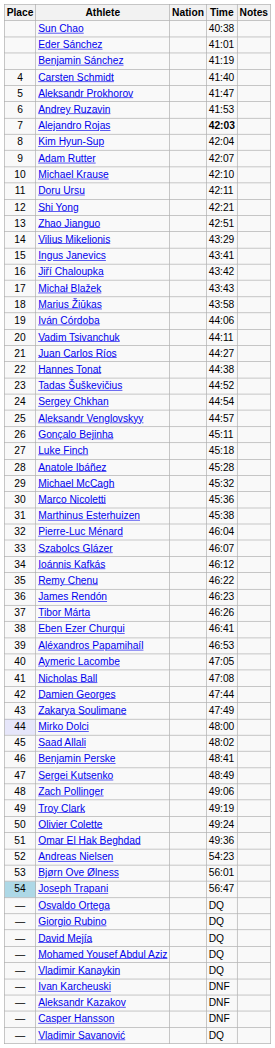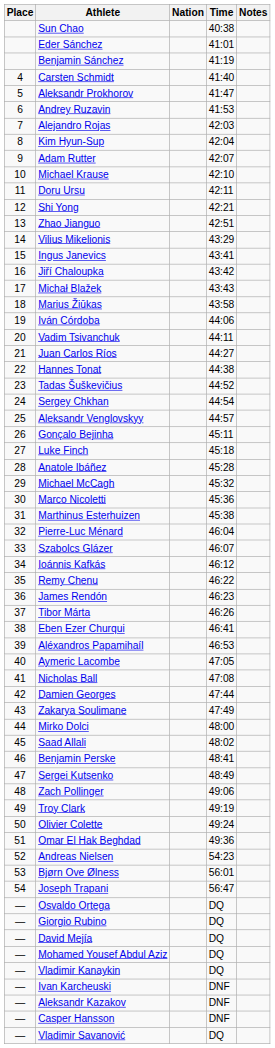 <table class=wikitable>
 <tr>
 <th>Place</th>
 <th>Athlete</th>
 <th>Nation</th>
 <th>Time</th>
 <th>Notes</th>
 </tr>
 <tr>
 <td align=center></td>
 <td><a href='#'>Sun Chao</a></td>
 <td></td>
 <td>40:38</td>
 <td></td>
 </tr>
 <tr>
 <td align=center></td>
 <td><a href='#'>Eder Sánchez</a></td>
 <td></td>
 <td>41:01</td>
 <td></td>
 </tr>
 <tr>
 <td align=center></td>
 <td><a href='#'>Benjamin Sánchez</a></td>
 <td></td>
 <td>41:19</td>
 <td></td>
 </tr>
 <tr>
 <td align=center>4</td>
 <td><a href='#'>Carsten Schmidt</a></td>
 <td></td>
 <td>41:40</td>
 <td></td>
 </tr>
 <tr>
 <td align=center>5</td>
 <td><a href='#'>Aleksandr Prokhorov</a></td>
 <td></td>
 <td>41:47</td>
 <td></td>
 </tr>
 <tr>
 <td align=center>6</td>
 <td><a href='#'>Andrey Ruzavin</a></td>
 <td></td>
 <td>41:53</td>
 <td></td>
 </tr>
 <tr>
 <td align=center>7</td>
 <td><a href='#'>Alejandro Rojas</a></td>
 <td></td>
-<td><strong>42:03</strong></td>
+<td>42:03</td>
 <td></td>
 </tr>
 <tr>
 <td align=center>8</td>
 <td><a href='#'>Kim Hyun-Sup</a></td>
 <td></td>
 <td>42:04</td>
 <td></td>
 </tr>
 <tr>
 <td align=center>9</td>
 <td><a href='#'>Adam Rutter</a></td>
 <td></td>
 <td>42:07</td>
 <td></td>
 </tr>
 <tr>
 <td align=center>10</td>
 <td><a href='#'>Michael Krause</a></td>
 <td></td>
 <td>42:10</td>
 <td></td>
 </tr>
 <tr>
 <td align=center>11</td>
 <td><a href='#'>Doru Ursu</a></td>
 <td></td>
 <td>42:11</td>
 <td></td>
 </tr>
 <tr>
 <td align=center>12</td>
 <td><a href='#'>Shi Yong</a></td>
 <td></td>
 <td>42:21</td>
 <td></td>
 </tr>
 <tr>
 <td align=center>13</td>
 <td><a href='#'>Zhao Jianguo</a></td>
 <td></td>
 <td>42:51</td>
 <td></td>
 </tr>
 <tr>
 <td align=center>14</td>
 <td><a href='#'>Vilius Mikelionis</a></td>
 <td></td>
 <td>43:29</td>
 <td></td>
 </tr>
 <tr>
 <td align=center>15</td>
 <td><a href='#'>Ingus Janevics</a></td>
 <td></td>
 <td>43:41</td>
 <td></td>
 </tr>
 <tr>
 <td align=center>16</td>
 <td><a href='#'>Jiří Chaloupka</a></td>
 <td></td>
 <td>43:42</td>
 <td></td>
 </tr>
 <tr>
 <td align=center>17</td>
 <td><a href='#'>Michał Blažek</a></td>
 <td></td>
 <td>43:43</td>
 <td></td>
 </tr>
 <tr>
 <td align=center>18</td>
 <td><a href='#'>Marius Žiūkas</a></td>
 <td></td>
 <td>43:58</td>
 <td></td>
 </tr>
 <tr>
 <td align=center>19</td>
 <td><a href='#'>Iván Córdoba</a></td>
 <td></td>
 <td>44:06</td>
 <td></td>
 </tr>
 <tr>
 <td align=center>20</td>
 <td><a href='#'>Vadim Tsivanchuk</a></td>
 <td></td>
 <td>44:11</td>
 <td></td>
 </tr>
 <tr>
 <td align=center>21</td>
 <td><a href='#'>Juan Carlos Ríos</a></td>
 <td></td>
 <td>44:27</td>
 <td></td>
 </tr>
 <tr>
 <td align=center>22</td>
 <td><a href='#'>Hannes Tonat</a></td>
 <td></td>
 <td>44:38</td>
 <td></td>
 </tr>
 <tr>
 <td align=center>23</td>
 <td><a href='#'>Tadas Šuškevičius</a></td>
 <td></td>
 <td>44:52</td>
 <td></td>
 </tr>
 <tr>
 <td align=center>24</td>
 <td><a href='#'>Sergey Chkhan</a></td>
 <td></td>
 <td>44:54</td>
 <td></td>
 </tr>
 <tr>
 <td align=center>25</td>
 <td><a href='#'>Aleksandr Venglovskyy</a></td>
 <td></td>
 <td>44:57</td>
 <td></td>
 </tr>
 <tr>
 <td align=center>26</td>
 <td><a href='#'>Gonçalo Bejinha</a></td>
 <td></td>
 <td>45:11</td>
 <td></td>
 </tr>
 <tr>
 <td align=center>27</td>
 <td><a href='#'>Luke Finch</a></td>
 <td></td>
 <td>45:18</td>
 <td></td>
 </tr>
 <tr>
 <td align=center>28</td>
 <td><a href='#'>Anatole Ibáñez</a></td>
 <td></td>
 <td>45:28</td>
 <td></td>
 </tr>
 <tr>
 <td align=center>29</td>
 <td><a href='#'>Michael McCagh</a></td>
 <td></td>
 <td>45:32</td>
 <td></td>
 </tr>
 <tr>
 <td align=center>30</td>
 <td><a href='#'>Marco Nicoletti</a></td>
 <td></td>
 <td>45:36</td>
 <td></td>
 </tr>
 <tr>
 <td align=center>31</td>
 <td><a href='#'>Marthinus Esterhuizen</a></td>
 <td></td>
 <td>45:38</td>
 <td></td>
 </tr>
 <tr>
 <td align=center>32</td>
 <td><a href='#'>Pierre-Luc Ménard</a></td>
 <td></td>
 <td>46:04</td>
 <td></td>
 </tr>
 <tr>
 <td align=center>33</td>
 <td><a href='#'>Szabolcs Glázer</a></td>
 <td></td>
 <td>46:07</td>
 <td></td>
 </tr>
 <tr>
 <td align=center>34</td>
 <td><a href='#'>Ioánnis Kafkás</a></td>
 <td></td>
 <td>46:12</td>
 <td></td>
 </tr>
 <tr>
 <td align=center>35</td>
 <td><a href='#'>Remy Chenu</a></td>
 <td></td>
 <td>46:22</td>
 <td></td>
 </tr>
 <tr>
 <td align=center>36</td>
 <td><a href='#'>James Rendón</a></td>
 <td></td>
 <td>46:23</td>
 <td></td>
 </tr>
 <tr>
 <td align=center>37</td>
 <td><a href='#'>Tibor Márta</a></td>
 <td></td>
 <td>46:26</td>
 <td></td>
 </tr>
 <tr>
 <td align=center>38</td>
 <td><a href='#'>Eben Ezer Churqui</a></td>
 <td></td>
 <td>46:41</td>
 <td></td>
 </tr>
 <tr>
 <td align=center>39</td>
 <td><a href='#'>Aléxandros Papamihaíl</a></td>
 <td></td>
 <td>46:53</td>
 <td></td>
 </tr>
 <tr>
 <td align=center>40</td>
 <td><a href='#'>Aymeric Lacombe</a></td>
 <td></td>
 <td>47:05</td>
 <td></td>
 </tr>
 <tr>
 <td align=center>41</td>
 <td><a href='#'>Nicholas Ball</a></td>
 <td></td>
 <td>47:08</td>
 <td></td>
 </tr>
 <tr>
 <td align=center>42</td>
 <td><a href='#'>Damien Georges</a></td>
 <td></td>
 <td>47:44</td>
 <td></td>
 </tr>
 <tr>
 <td align=center>43</td>
 <td><a href='#'>Zakarya Soulimane</a></td>
 <td></td>
 <td>47:49</td>
 <td></td>
 </tr>
 <tr>
-<td align=center style="background: lavender;">44</td>
+<td align=center>44</td>
 <td><a href='#'>Mirko Dolci</a></td>
 <td></td>
 <td>48:00</td>
 <td></td>
 </tr>
 <tr>
 <td align=center>45</td>
 <td><a href='#'>Saad Allali</a></td>
 <td></td>
 <td>48:02</td>
 <td></td>
 </tr>
 <tr>
 <td align=center>46</td>
 <td><a href='#'>Benjamin Perske</a></td>
 <td></td>
 <td>48:41</td>
 <td></td>
 </tr>
 <tr>
 <td align=center>47</td>
 <td><a href='#'>Sergei Kutsenko</a></td>
 <td></td>
 <td>48:49</td>
 <td></td>
 </tr>
 <tr>
 <td align=center>48</td>
 <td><a href='#'>Zach Pollinger</a></td>
 <td></td>
 <td>49:06</td>
 <td></td>
 </tr>
 <tr>
 <td align=center>49</td>
 <td><a href='#'>Troy Clark</a></td>
 <td></td>
 <td>49:19</td>
 <td></td>
 </tr>
 <tr>
 <td align=center>50</td>
 <td><a href='#'>Olivier Colette</a></td>
 <td></td>
 <td>49:24</td>
 <td></td>
 </tr>
 <tr>
 <td align=center>51</td>
 <td><a href='#'>Omar El Hak Beghdad</a></td>
 <td></td>
 <td>49:36</td>
 <td></td>
 </tr>
 <tr>
 <td align=center>52</td>
 <td><a href='#'>Andreas Nielsen</a></td>
 <td></td>
 <td>54:23</td>
 <td></td>
 </tr>
 <tr>
 <td align=center>53</td>
 <td><a href='#'>Bjørn Ove Ølness</a></td>
 <td></td>
 <td>56:01</td>
 <td></td>
 </tr>
 <tr>
-<td align=center style="background: lightblue;">54</td>
+<td align=center>54</td>
 <td><a href='#'>Joseph Trapani</a></td>
 <td></td>
 <td>56:47</td>
 <td></td>
 </tr>
 <tr>
 <td align=center>—</td>
 <td><a href='#'>Osvaldo Ortega</a></td>
 <td></td>
 <td>DQ</td>
 <td></td>
 </tr>
 <tr>
 <td align=center>—</td>
 <td><a href='#'>Giorgio Rubino</a></td>
 <td></td>
 <td>DQ</td>
 <td></td>
 </tr>
 <tr>
 <td align=center>—</td>
 <td><a href='#'>David Mejía</a></td>
 <td></td>
 <td>DQ</td>
 <td></td>
 </tr>
 <tr>
 <td align=center>—</td>
 <td><a href='#'>Mohamed Yousef Abdul Aziz</a></td>
 <td></td>
 <td>DQ</td>
 <td></td>
 </tr>
 <tr>
 <td align=center>—</td>
 <td><a href='#'>Vladimir Kanaykin</a></td>
 <td></td>
 <td>DQ</td>
 <td></td>
 </tr>
 <tr>
 <td align=center>—</td>
 <td><a href='#'>Ivan Karcheuski</a></td>
 <td></td>
 <td>DNF</td>
 <td></td>
 </tr>
 <tr>
 <td align=center>—</td>
 <td><a href='#'>Aleksandr Kazakov</a></td>
 <td></td>
 <td>DNF</td>
 <td></td>
 </tr>
 <tr>
 <td align=center>—</td>
 <td><a href='#'>Casper Hansson</a></td>
 <td></td>
 <td>DNF</td>
 <td></td>
 </tr>
 <tr>
 <td align=center>—</td>
 <td><a href='#'>Vladimir Savanović</a></td>
 <td></td>
 <td>DQ</td>
 <td></td>
 </tr>
 </table>
